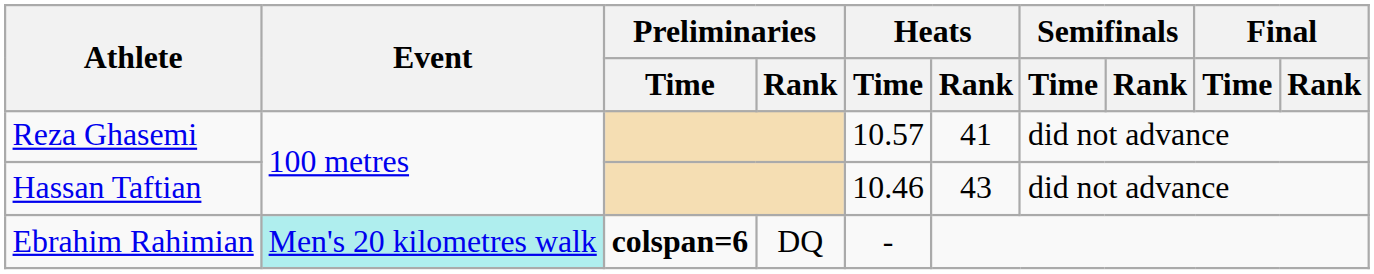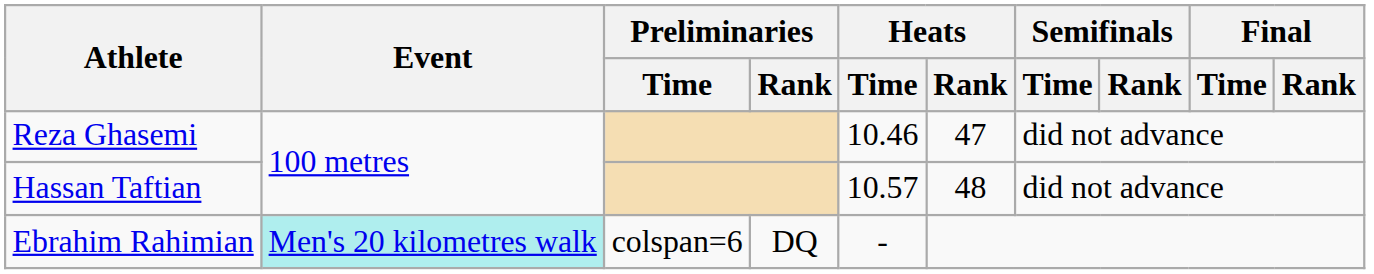 <table class=wikitable style="font-size:90%;">
 <tr>
 <th rowspan=2>Athlete</th>
 <th rowspan=2>Event</th>
 <th colspan=2>Preliminaries</th>
 <th colspan=2>Heats</th>
 <th colspan=2>Semifinals</th>
 <th colspan=2>Final</th>
 </tr>
 <tr>
 <th>Time</th>
 <th>Rank</th>
 <th>Time</th>
 <th>Rank</th>
 <th>Time</th>
 <th>Rank</th>
 <th>Time</th>
 <th>Rank</th>
 </tr>
 <tr>
 <td><a href='#'>Reza Ghasemi</a></td>
 <td rowspan=2><a href='#'>100 metres</a></td>
 <td colspan=2 bgcolor="wheat"></td>
-<td align="center">10.57</td>
-<td align="center">41</td>
+<td align="center">10.46</td>
+<td align="center">47</td>
 <td colspan=4>did not advance</td>
 </tr>
 <tr>
 <td><a href='#'>Hassan Taftian</a></td>
 <td colspan=2 bgcolor="wheat"></td>
-<td align="center">10.46</td>
-<td align="center">43</td>
+<td align="center">10.57</td>
+<td align="center">48</td>
 <td colspan=4>did not advance</td>
 </tr>
 <tr>
 <td><a href='#'>Ebrahim Rahimian</a></td>
 <td style="background: paleturquoise;"><a href='#'>Men's 20 kilometres walk</a></td>
-<td><strong>colspan=6 </strong></td>
+<td>colspan=6 </td>
 <td align="center">DQ</td>
 <td align="center">-</td>
 </tr>
 </table>
